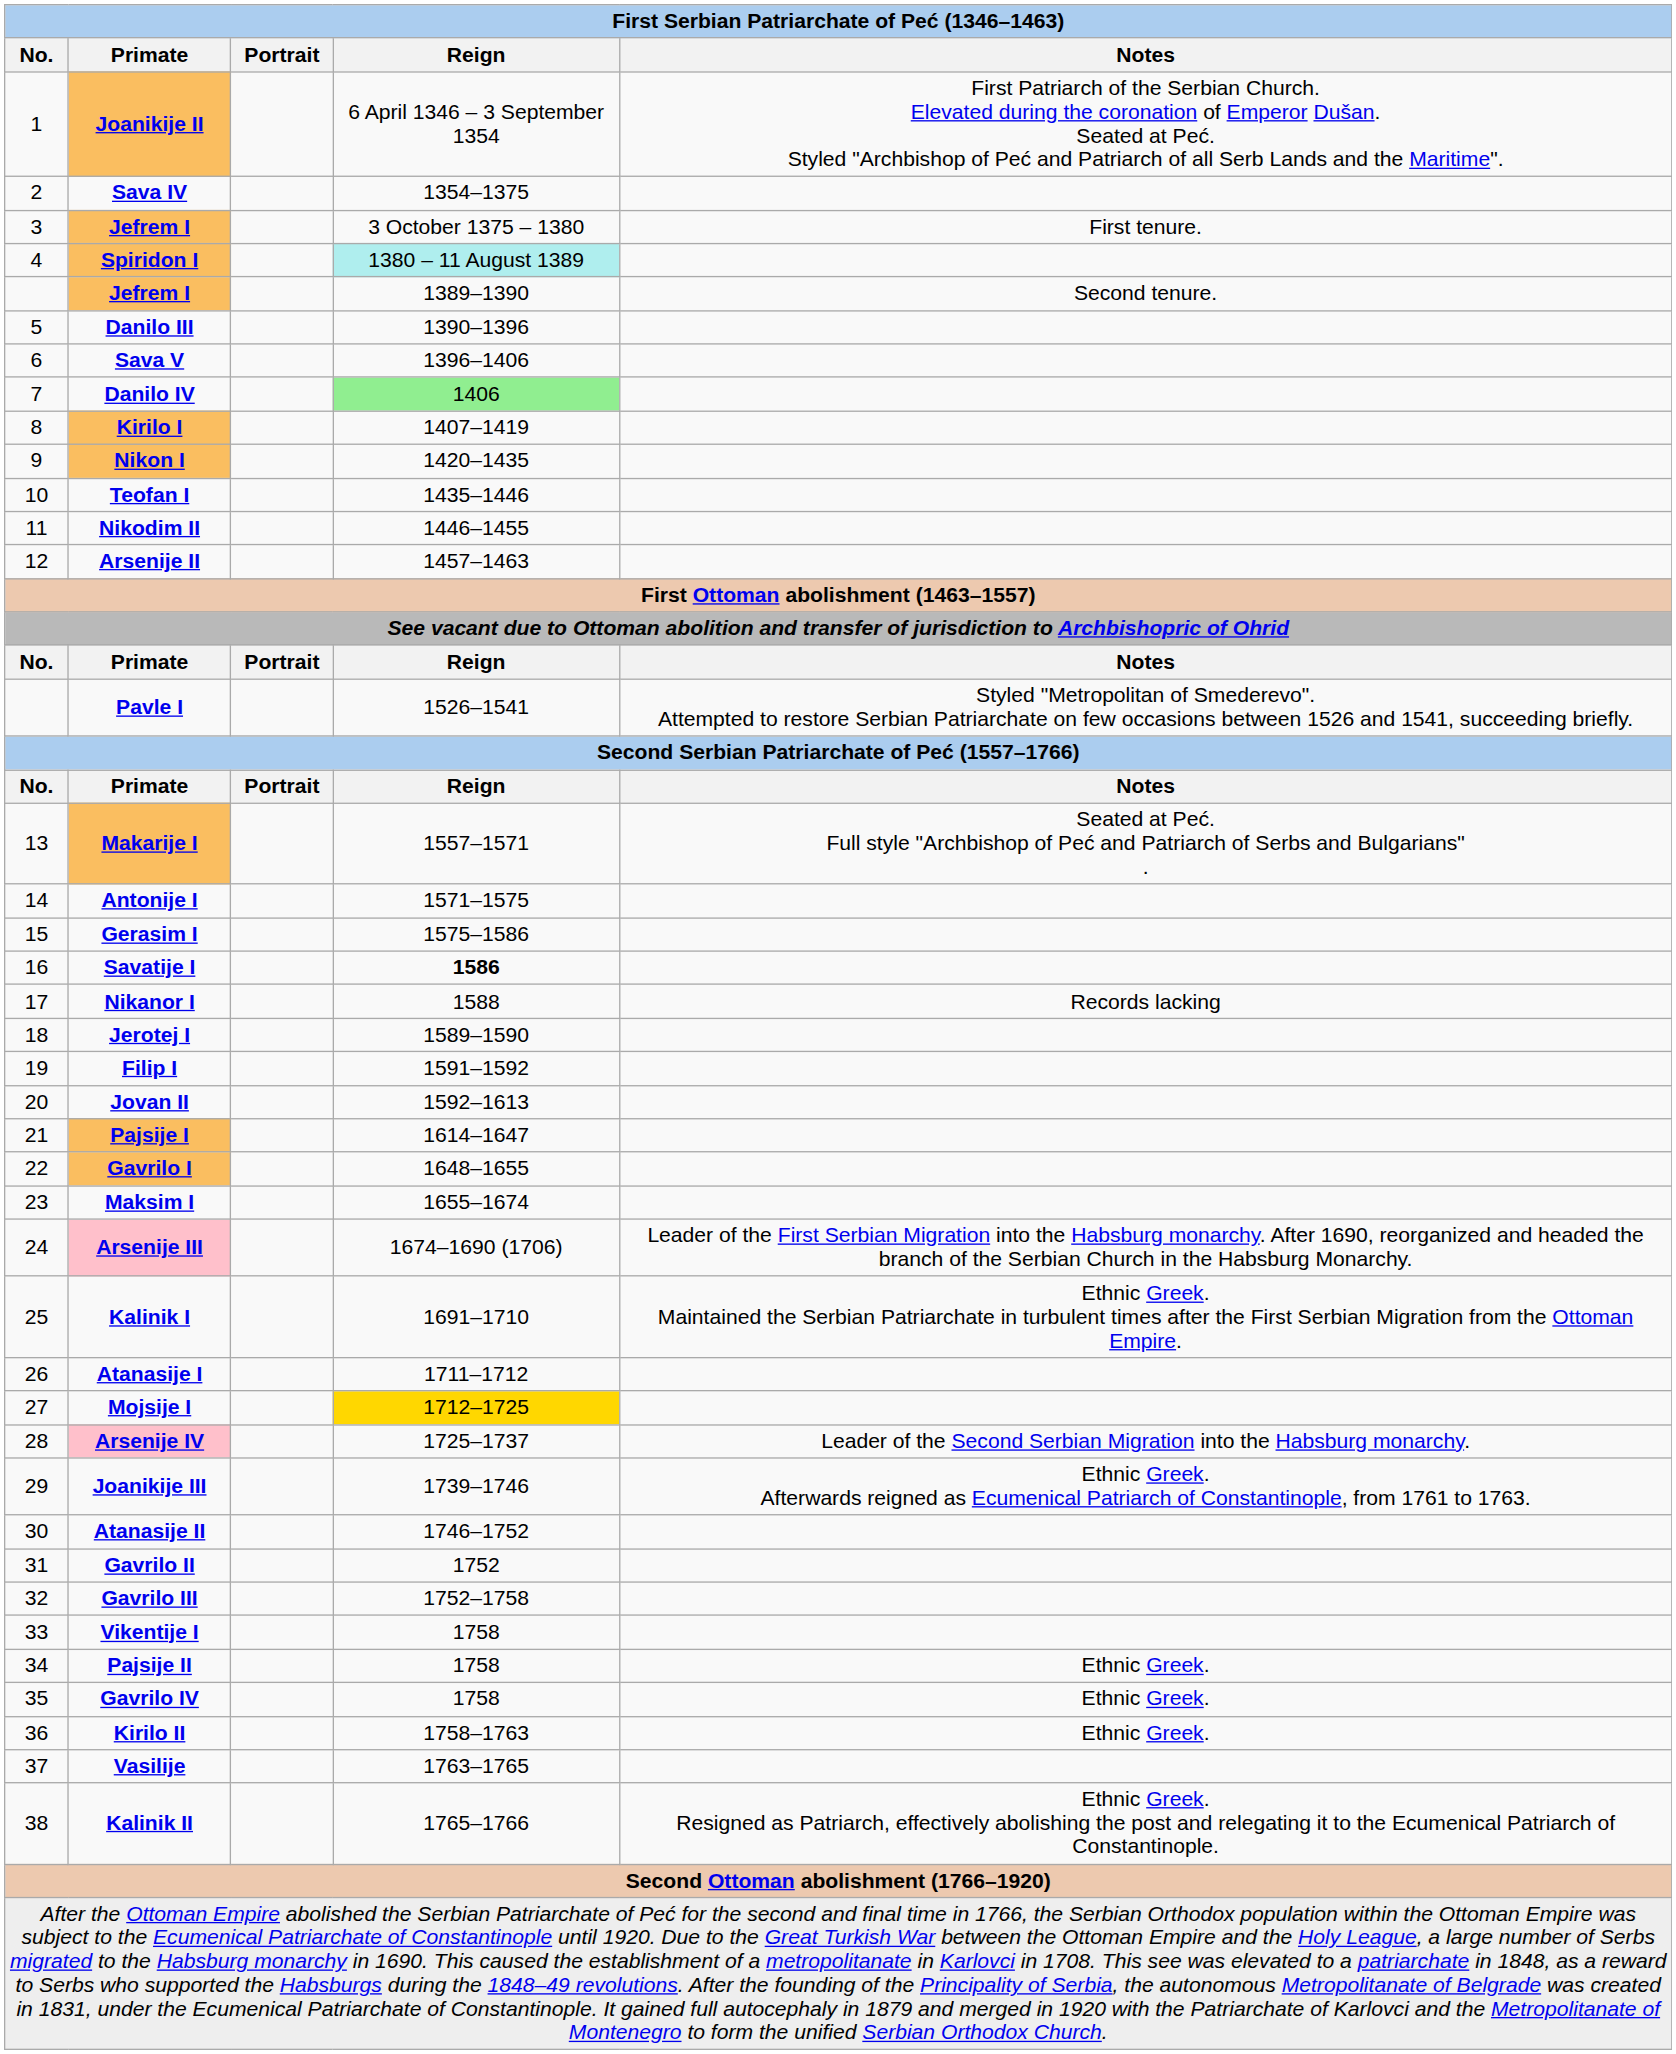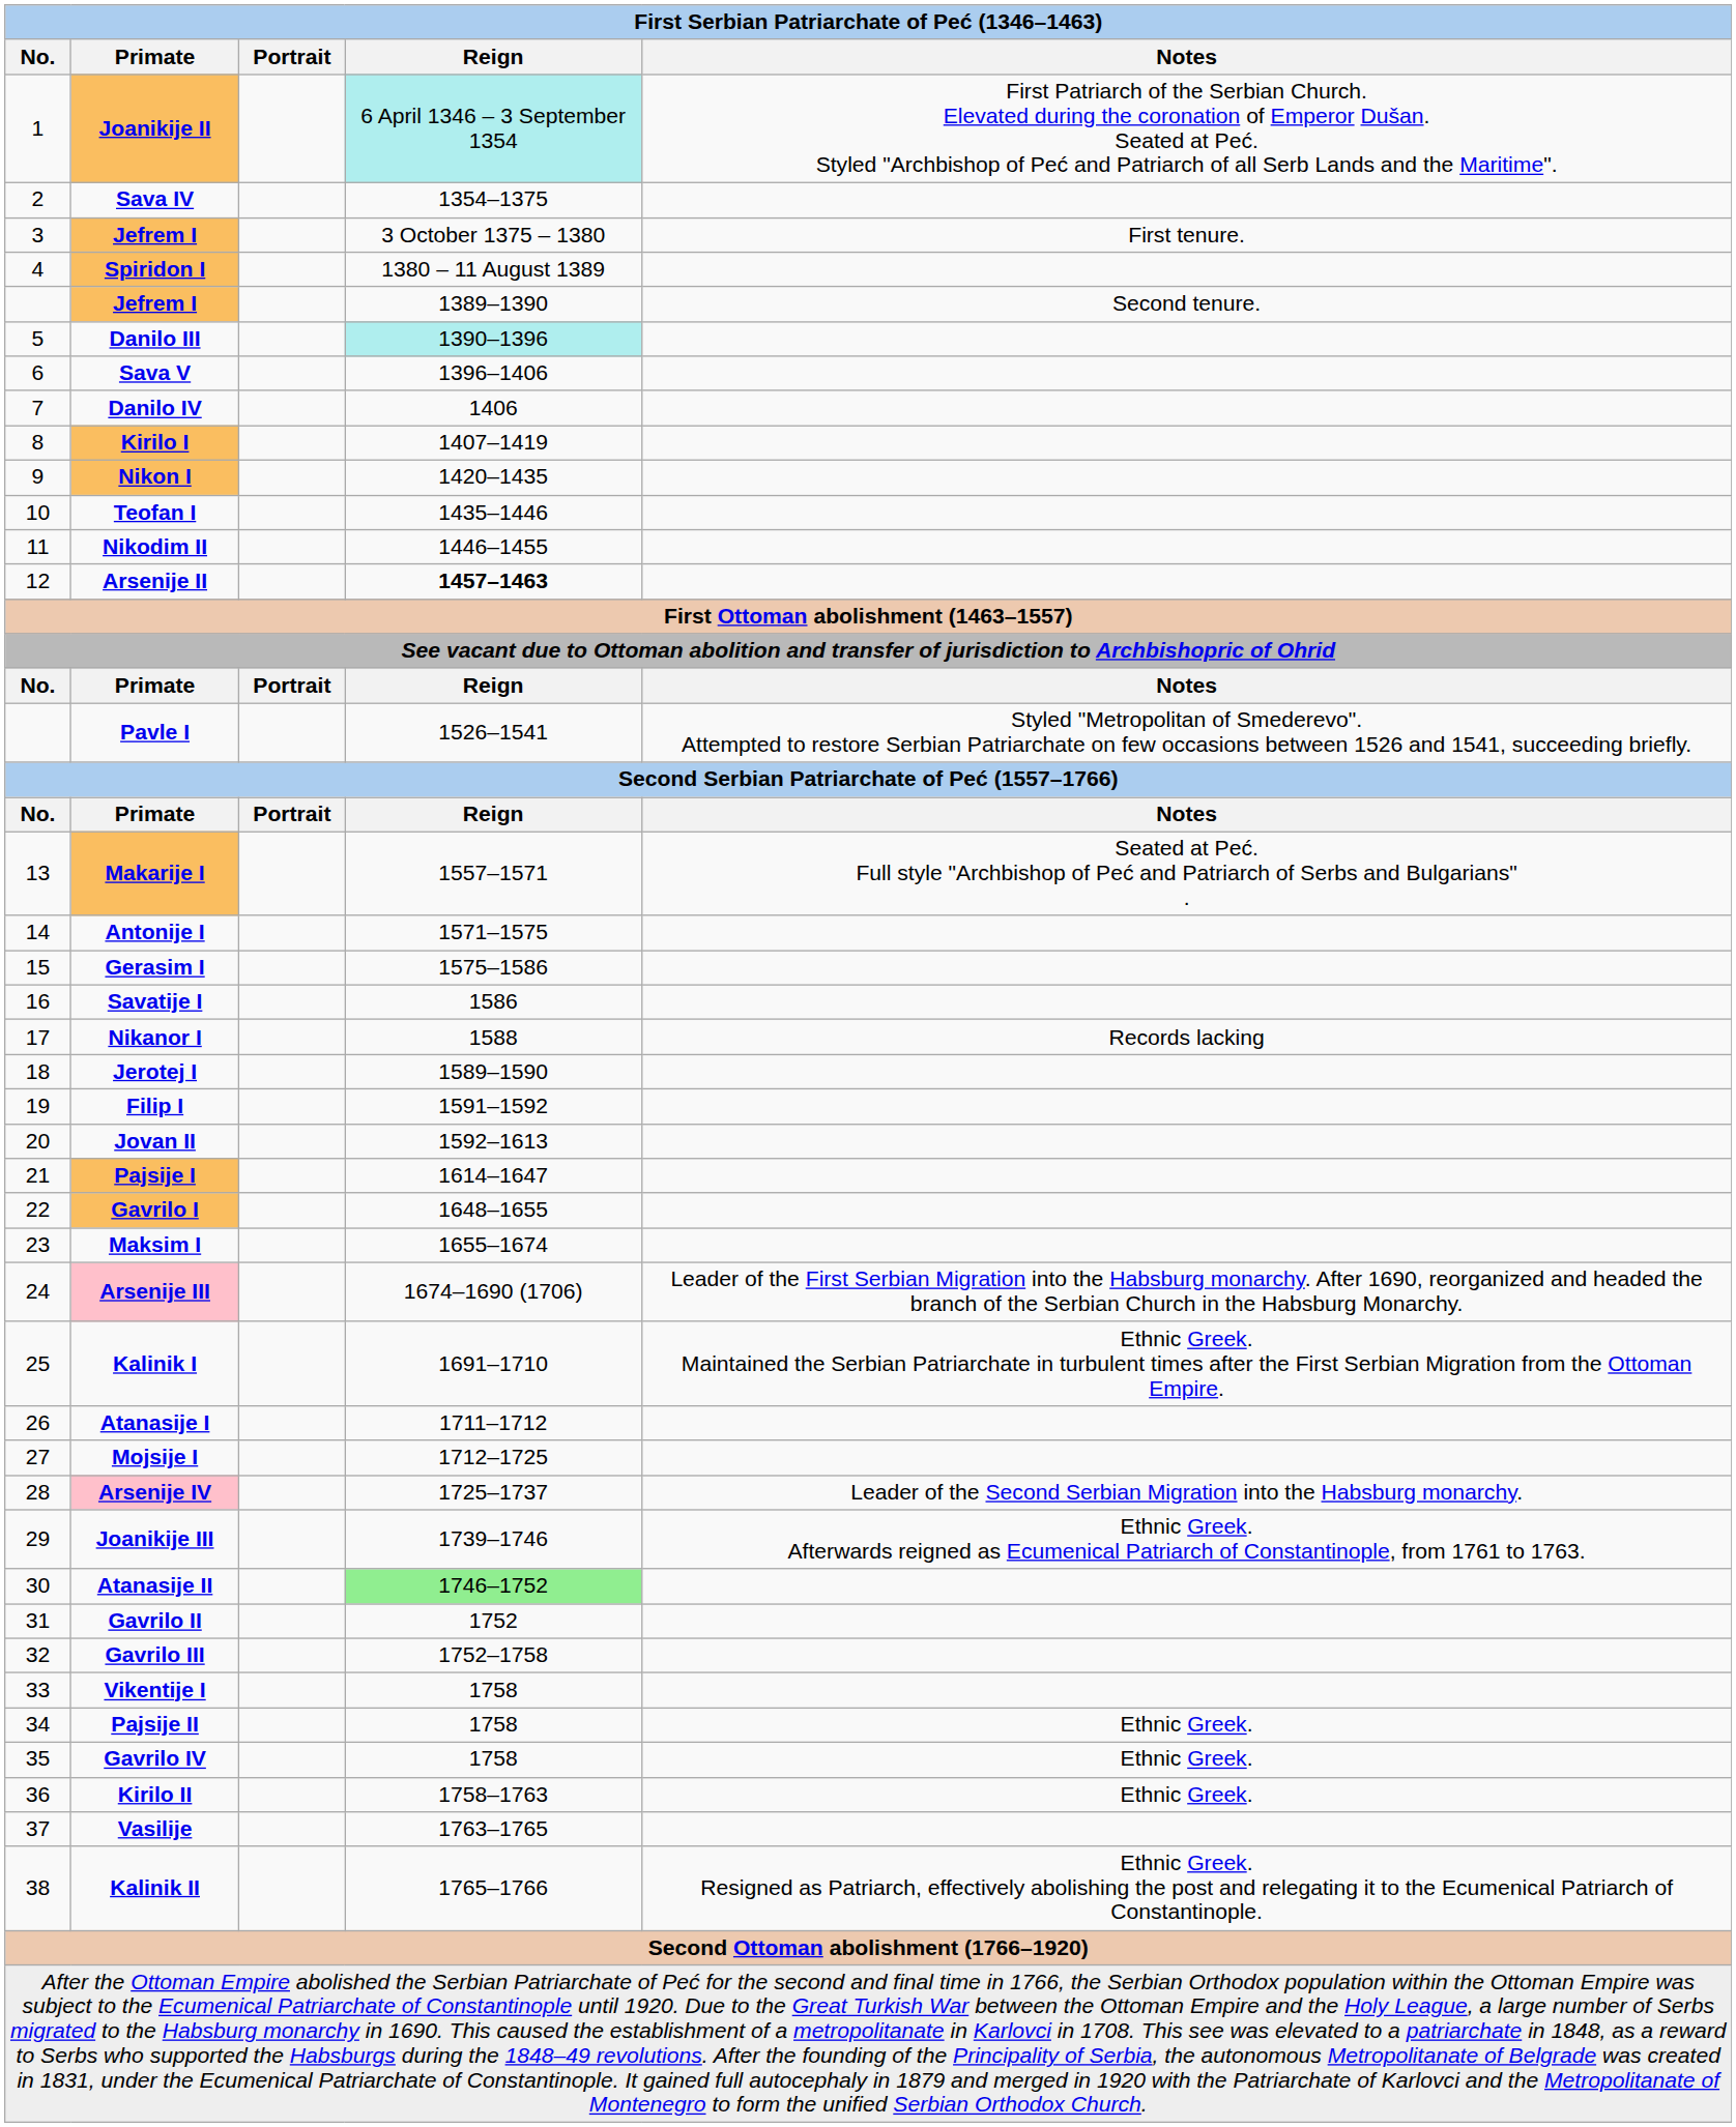 <table class="wikitable" style="text-align:center; width:100%">
 <tr>
 <th colspan="6" style="background-color:#ABCDEF">First Serbian Patriarchate of Peć (1346–1463)</th>
 </tr>
 <tr>
 <th>No.</th>
 <th>Primate</th>
 <th width="70px">Portrait</th>
 <th>Reign</th>
 <th>Notes</th>
 </tr>
 <tr>
 <td>1</td>
 <td style="background-color:#FABE60"><strong><a href='#'>Joanikije II</a></strong><br></td>
 <td></td>
-<td>6 April 1346 – 3 September 1354</td>
+<td style="background: paleturquoise;">6 April 1346 – 3 September 1354</td>
 <td>First Patriarch of the Serbian Church.<br><a href='#'>Elevated during the coronation</a> of <a href='#'>Emperor</a> <a href='#'>Dušan</a>.<br>Seated at Peć.<br>Styled "Archbishop of Peć and Patriarch of all Serb Lands and the <a href='#'>Maritime</a>".<br></td>
 </tr>
 <tr>
 <td>2</td>
 <td><strong><a href='#'>Sava IV</a></strong><br></td>
 <td></td>
 <td>1354–1375</td>
 <td></td>
 </tr>
 <tr>
 <td>3</td>
 <td style="background-color:#FABE60"><strong><a href='#'>Jefrem I</a></strong><br></td>
 <td></td>
 <td>3 October 1375 – 1380</td>
 <td>First tenure.</td>
 </tr>
 <tr>
 <td>4</td>
 <td style="background-color:#FABE60"><strong><a href='#'>Spiridon I</a></strong><br></td>
 <td></td>
-<td style="background: paleturquoise;">1380 – 11 August 1389</td>
+<td>1380 – 11 August 1389</td>
 <td></td>
 </tr>
 <tr>
 <td></td>
 <td style="background-color:#FABE60"><strong><a href='#'>Jefrem I</a></strong><br></td>
 <td></td>
 <td>1389–1390</td>
 <td>Second tenure.</td>
 </tr>
 <tr>
 <td>5</td>
 <td><strong><a href='#'>Danilo III</a></strong><br></td>
 <td></td>
-<td>1390–1396</td>
+<td style="background: paleturquoise;">1390–1396</td>
 <td></td>
 </tr>
 <tr>
 <td>6</td>
 <td><strong><a href='#'>Sava V</a></strong><br></td>
 <td></td>
 <td>1396–1406</td>
 <td></td>
 </tr>
 <tr>
 <td>7</td>
 <td><strong><a href='#'>Danilo IV</a></strong><br></td>
 <td></td>
-<td style="background: lightgreen;">1406</td>
+<td>1406</td>
 <td></td>
 </tr>
 <tr>
 <td>8</td>
 <td style="background-color:#FABE60"><strong><a href='#'>Kirilo I</a></strong><br></td>
 <td></td>
 <td>1407–1419</td>
 <td></td>
 </tr>
 <tr>
 <td>9</td>
 <td style="background-color:#FABE60"><strong><a href='#'>Nikon I</a></strong><br></td>
 <td></td>
 <td>1420–1435</td>
 <td></td>
 </tr>
 <tr>
 <td>10</td>
 <td><strong><a href='#'>Teofan I</a></strong><br></td>
 <td></td>
 <td>1435–1446</td>
 <td></td>
 </tr>
 <tr>
 <td>11</td>
 <td><strong><a href='#'>Nikodim II</a></strong><br></td>
 <td></td>
 <td>1446–1455</td>
 <td></td>
 </tr>
 <tr>
 <td>12</td>
 <td><strong><a href='#'>Arsenije II</a></strong><br></td>
 <td></td>
-<td>1457–1463</td>
+<td><strong>1457–1463</strong></td>
 <td></td>
 </tr>
 <tr>
 <th colspan="6" style="background-color:#EDC9AF">First <a href='#'>Ottoman</a> abolishment (1463–1557)</th>
 </tr>
 <tr>
 <td colspan="6" style="background-color:#B9B9B9"><strong><em>See vacant due to Ottoman abolition and transfer of jurisdiction to <a href='#'>Archbishopric of Ohrid</a></em></strong></td>
 </tr>
 <tr>
 <th>No.</th>
 <th>Primate</th>
 <th>Portrait</th>
 <th>Reign</th>
 <th>Notes</th>
 </tr>
 <tr>
 <td></td>
 <td><strong><a href='#'>Pavle I</a></strong><br></td>
 <td></td>
 <td>1526–1541</td>
 <td>Styled "Metropolitan of Smederevo".<br>Attempted to restore Serbian Patriarchate on few occasions between 1526 and 1541, succeeding briefly.</td>
 </tr>
 <tr>
 <th colspan="6" style="background-color:#ABCDEF">Second Serbian Patriarchate of Peć (1557–1766)</th>
 </tr>
 <tr>
 <th>No.</th>
 <th>Primate</th>
 <th>Portrait</th>
 <th>Reign</th>
 <th>Notes</th>
 </tr>
 <tr>
 <td>13</td>
 <td style="background-color:#FABE60"><strong><a href='#'>Makarije I</a></strong><br></td>
 <td></td>
 <td>1557–1571</td>
 <td>Seated at Peć.<br>Full style "Archbishop of Peć and Patriarch of Serbs and Bulgarians"<br>.<br></td>
 </tr>
 <tr>
 <td>14</td>
 <td><strong><a href='#'>Antonije I</a></strong><br></td>
 <td></td>
 <td>1571–1575</td>
 <td></td>
 </tr>
 <tr>
 <td>15</td>
 <td><strong><a href='#'>Gerasim I</a></strong><br></td>
 <td></td>
 <td>1575–1586</td>
 <td></td>
 </tr>
 <tr>
 <td>16</td>
 <td><strong><a href='#'>Savatije I</a></strong><br></td>
 <td></td>
-<td><strong>1586</strong></td>
+<td>1586</td>
 <td></td>
 </tr>
 <tr>
 <td>17</td>
 <td><strong><a href='#'>Nikanor I</a></strong><br></td>
 <td></td>
 <td>1588</td>
 <td>Records lacking</td>
 </tr>
 <tr>
 <td>18</td>
 <td><strong><a href='#'>Jerotej I</a></strong><br></td>
 <td></td>
 <td>1589–1590</td>
 <td></td>
 </tr>
 <tr>
 <td>19</td>
 <td><strong><a href='#'>Filip I</a></strong><br></td>
 <td></td>
 <td>1591–1592</td>
 <td></td>
 </tr>
 <tr>
 <td>20</td>
 <td><strong><a href='#'>Jovan II</a></strong><br></td>
 <td></td>
 <td>1592–1613</td>
 <td></td>
 </tr>
 <tr>
 <td>21</td>
 <td style="background-color:#FABE60"><strong><a href='#'>Pajsije I</a></strong><br></td>
 <td></td>
 <td>1614–1647</td>
 <td></td>
 </tr>
 <tr>
 <td>22</td>
 <td style="background-color:#FABE60"><strong><a href='#'>Gavrilo I</a></strong><br></td>
 <td></td>
 <td>1648–1655</td>
 <td></td>
 </tr>
 <tr>
 <td>23</td>
 <td><strong><a href='#'>Maksim I</a></strong><br></td>
 <td></td>
 <td>1655–1674</td>
 <td></td>
 </tr>
 <tr>
 <td>24</td>
 <td style="background-color:#FFC0CB"><strong><a href='#'>Arsenije III</a></strong><br></td>
 <td></td>
 <td>1674–1690 (1706)</td>
 <td>Leader of the <a href='#'>First Serbian Migration</a> into the <a href='#'>Habsburg monarchy</a>. After 1690, reorganized and headed the branch of the Serbian Church in the Habsburg Monarchy.<br></td>
 </tr>
 <tr>
 <td>25</td>
 <td><strong><a href='#'>Kalinik I</a></strong><br></td>
 <td></td>
 <td>1691–1710</td>
 <td>Ethnic <a href='#'>Greek</a>.<br>Maintained the Serbian Patriarchate in turbulent times after the First Serbian Migration from the <a href='#'>Ottoman Empire</a>.<br></td>
 </tr>
 <tr>
 <td>26</td>
 <td><strong><a href='#'>Atanasije I</a></strong><br></td>
 <td></td>
 <td>1711–1712</td>
 <td></td>
 </tr>
 <tr>
 <td>27</td>
 <td><strong><a href='#'>Mojsije I</a></strong><br></td>
 <td></td>
-<td style="background: gold;">1712–1725</td>
+<td>1712–1725</td>
 <td></td>
 </tr>
 <tr>
 <td>28</td>
 <td style="background-color:#FFC0CB"><strong><a href='#'>Arsenije IV</a></strong><br></td>
 <td></td>
 <td>1725–1737</td>
 <td>Leader of the <a href='#'>Second Serbian Migration</a> into the <a href='#'>Habsburg monarchy</a>.<br></td>
 </tr>
 <tr>
 <td>29</td>
 <td><strong><a href='#'>Joanikije III</a></strong><br></td>
 <td></td>
 <td>1739–1746</td>
 <td>Ethnic <a href='#'>Greek</a>.<br>Afterwards reigned as <a href='#'>Ecumenical Patriarch of Constantinople</a>, from 1761 to 1763.<br></td>
 </tr>
 <tr>
 <td>30</td>
 <td><strong><a href='#'>Atanasije II</a></strong><br></td>
 <td></td>
-<td>1746–1752</td>
+<td style="background: lightgreen;">1746–1752</td>
 <td></td>
 </tr>
 <tr>
 <td>31</td>
 <td><strong><a href='#'>Gavrilo II</a></strong><br></td>
 <td></td>
 <td>1752</td>
 <td></td>
 </tr>
 <tr>
 <td>32</td>
 <td><strong><a href='#'>Gavrilo III</a></strong><br></td>
 <td></td>
 <td>1752–1758</td>
 <td></td>
 </tr>
 <tr>
 <td>33</td>
 <td><strong><a href='#'>Vikentije I</a></strong><br></td>
 <td></td>
 <td>1758</td>
 <td></td>
 </tr>
 <tr>
 <td>34</td>
 <td><strong><a href='#'>Pajsije II</a></strong><br></td>
 <td></td>
 <td>1758</td>
 <td>Ethnic <a href='#'>Greek</a>.</td>
 </tr>
 <tr>
 <td>35</td>
 <td><strong><a href='#'>Gavrilo IV</a></strong><br></td>
 <td></td>
 <td>1758</td>
 <td>Ethnic <a href='#'>Greek</a>.</td>
 </tr>
 <tr>
 <td>36</td>
 <td><strong><a href='#'>Kirilo II</a></strong><br></td>
 <td></td>
 <td>1758–1763</td>
 <td>Ethnic <a href='#'>Greek</a>.</td>
 </tr>
 <tr>
 <td>37</td>
 <td><strong><a href='#'>Vasilije</a></strong><br></td>
 <td></td>
 <td>1763–1765</td>
 <td></td>
 </tr>
 <tr>
 <td>38</td>
 <td><strong><a href='#'>Kalinik II</a></strong><br></td>
 <td></td>
 <td>1765–1766</td>
 <td>Ethnic <a href='#'>Greek</a>.<br>Resigned as Patriarch, effectively abolishing the post and relegating it to the Ecumenical Patriarch of Constantinople.</td>
 </tr>
 <tr>
 <th colspan="6" style="background-color:#EDC9AF">Second <a href='#'>Ottoman</a> abolishment (1766–1920)</th>
 </tr>
 <tr>
 <td colspan="6" style="background-color:#EEEEEE"><em>After the <a href='#'>Ottoman Empire</a> abolished the Serbian Patriarchate of Peć for the second and final time in 1766, the Serbian Orthodox population within the Ottoman Empire was subject to the <a href='#'>Ecumenical Patriarchate of Constantinople</a> until 1920. Due to the <a href='#'>Great Turkish War</a> between the Ottoman Empire and the <a href='#'>Holy League</a>, a large number of Serbs <a href='#'>migrated</a> to the <a href='#'>Habsburg monarchy</a> in 1690. This caused the establishment of a <a href='#'>metropolitanate</a> in <a href='#'>Karlovci</a> in 1708. This see was elevated to a <a href='#'>patriarchate</a> in 1848, as a reward to Serbs who supported the <a href='#'>Habsburgs</a> during the <a href='#'>1848–49 revolutions</a>. After the founding of the <a href='#'>Principality of Serbia</a>, the autonomous <a href='#'>Metropolitanate of Belgrade</a> was created in 1831, under the Ecumenical Patriarchate of Constantinople. It gained full autocephaly in 1879 and merged in 1920 with the Patriarchate of Karlovci and the <a href='#'>Metropolitanate of Montenegro</a> to form the unified <a href='#'>Serbian Orthodox Church</a>.</em></td>
 </tr>
 </table>
